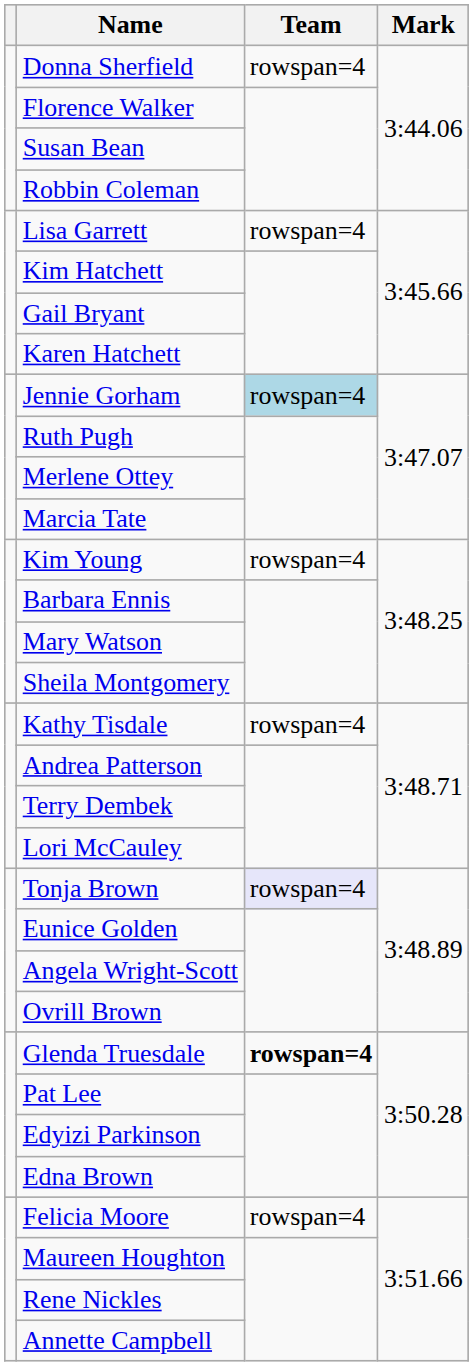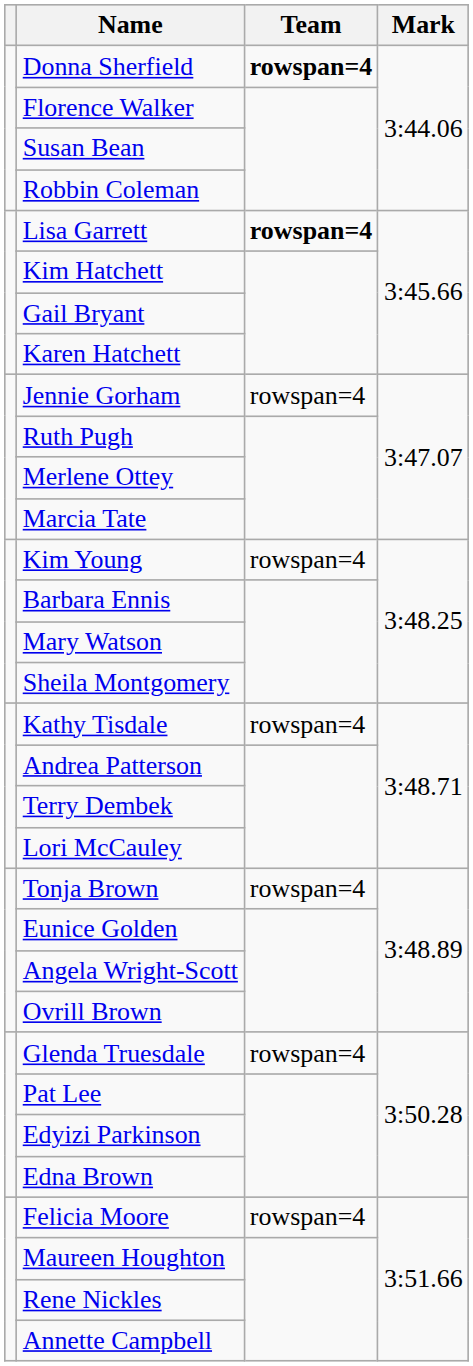 <table class=wikitable>
 <tr>
 <th></th>
 <th>Name</th>
 <th>Team</th>
 <th>Mark</th>
 </tr>
 <tr>
 <td rowspan=4></td>
 <td><a href='#'>Donna Sherfield</a></td>
-<td>rowspan=4 </td>
+<td><strong>rowspan=4 </strong></td>
 <td rowspan=4>3:44.06</td>
 </tr>
 <tr>
 <td><a href='#'>Florence Walker</a></td>
 </tr>
 <tr>
 <td><a href='#'>Susan Bean</a></td>
 </tr>
 <tr>
 <td><a href='#'>Robbin Coleman</a></td>
 </tr>
 <tr>
 <td rowspan=4></td>
 <td><a href='#'>Lisa Garrett</a></td>
-<td>rowspan=4 </td>
+<td><strong>rowspan=4 </strong></td>
 <td rowspan=4>3:45.66</td>
 </tr>
 <tr>
 <td><a href='#'>Kim Hatchett</a></td>
 </tr>
 <tr>
 <td><a href='#'>Gail Bryant</a></td>
 </tr>
 <tr>
 <td><a href='#'>Karen Hatchett</a></td>
 </tr>
 <tr>
 <td rowspan=4></td>
 <td><a href='#'>Jennie Gorham</a></td>
-<td style="background: lightblue;">rowspan=4 </td>
+<td>rowspan=4 </td>
 <td rowspan=4>3:47.07</td>
 </tr>
 <tr>
 <td><a href='#'>Ruth Pugh</a></td>
 </tr>
 <tr>
 <td><a href='#'>Merlene Ottey</a></td>
 </tr>
 <tr>
 <td><a href='#'>Marcia Tate</a></td>
 </tr>
 <tr>
 <td rowspan=4></td>
 <td><a href='#'>Kim Young</a></td>
 <td>rowspan=4 </td>
 <td rowspan=4>3:48.25</td>
 </tr>
 <tr>
 <td><a href='#'>Barbara Ennis</a></td>
 </tr>
 <tr>
 <td><a href='#'>Mary Watson</a></td>
 </tr>
 <tr>
 <td><a href='#'>Sheila Montgomery</a></td>
 </tr>
 <tr>
 <td rowspan=4></td>
 <td><a href='#'>Kathy Tisdale</a></td>
 <td>rowspan=4 </td>
 <td rowspan=4>3:48.71</td>
 </tr>
 <tr>
 <td><a href='#'>Andrea Patterson</a></td>
 </tr>
 <tr>
 <td><a href='#'>Terry Dembek</a></td>
 </tr>
 <tr>
 <td><a href='#'>Lori McCauley</a></td>
 </tr>
 <tr>
 <td rowspan=4></td>
 <td><a href='#'>Tonja Brown</a></td>
-<td style="background: lavender;">rowspan=4 </td>
+<td>rowspan=4 </td>
 <td rowspan=4>3:48.89</td>
 </tr>
 <tr>
 <td><a href='#'>Eunice Golden</a></td>
 </tr>
 <tr>
 <td><a href='#'>Angela Wright-Scott</a></td>
 </tr>
 <tr>
 <td><a href='#'>Ovrill Brown</a></td>
 </tr>
 <tr>
 <td rowspan=4></td>
 <td><a href='#'>Glenda Truesdale</a></td>
-<td><strong>rowspan=4 </strong></td>
+<td>rowspan=4 </td>
 <td rowspan=4>3:50.28</td>
 </tr>
 <tr>
 <td><a href='#'>Pat Lee</a></td>
 </tr>
 <tr>
 <td><a href='#'>Edyizi Parkinson</a></td>
 </tr>
 <tr>
 <td><a href='#'>Edna Brown</a></td>
 </tr>
 <tr>
 <td rowspan=4></td>
 <td><a href='#'>Felicia Moore</a></td>
 <td>rowspan=4 </td>
 <td rowspan=4>3:51.66</td>
 </tr>
 <tr>
 <td><a href='#'>Maureen Houghton</a></td>
 </tr>
 <tr>
 <td><a href='#'>Rene Nickles</a></td>
 </tr>
 <tr>
 <td><a href='#'>Annette Campbell</a></td>
 </tr>
 </table>
